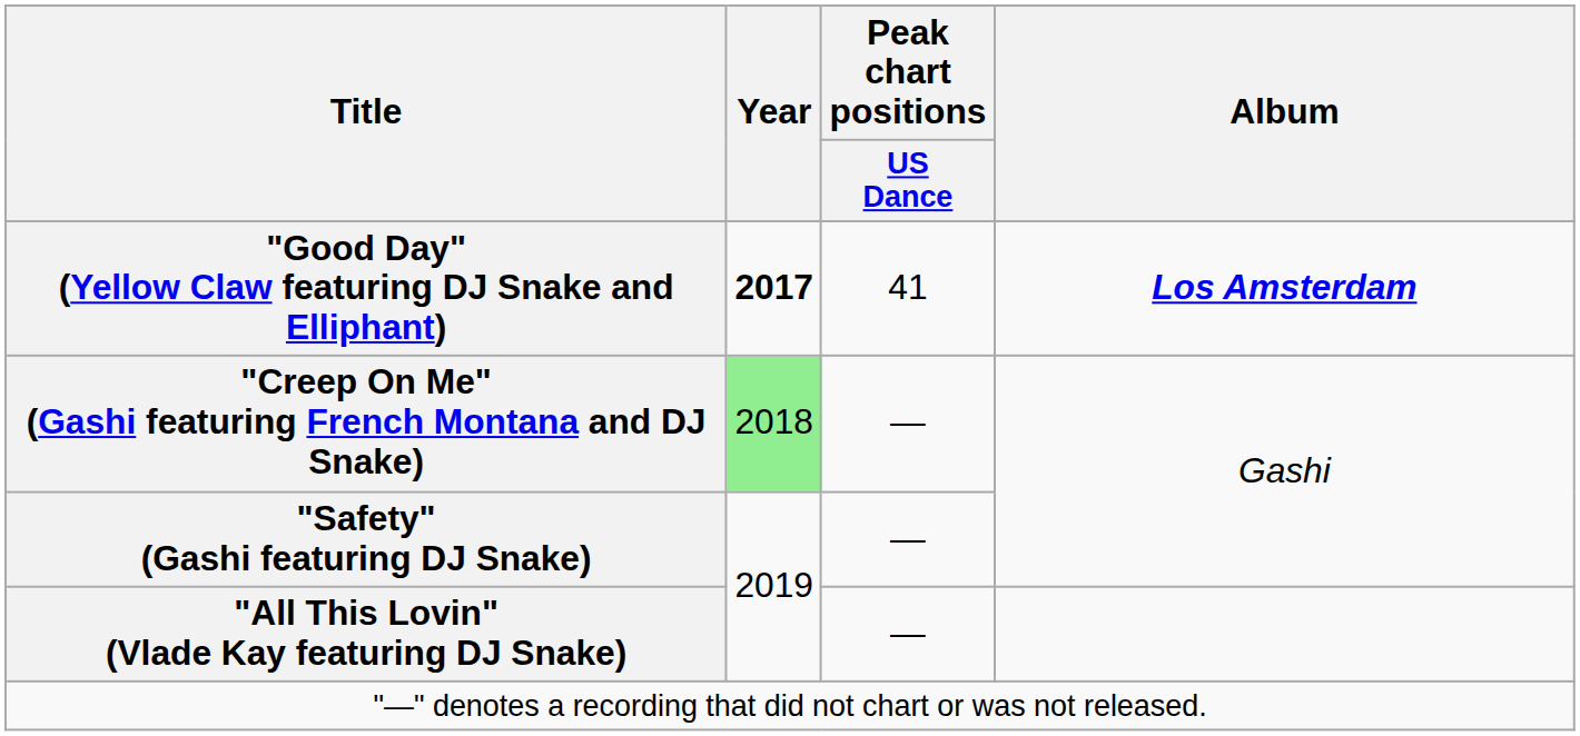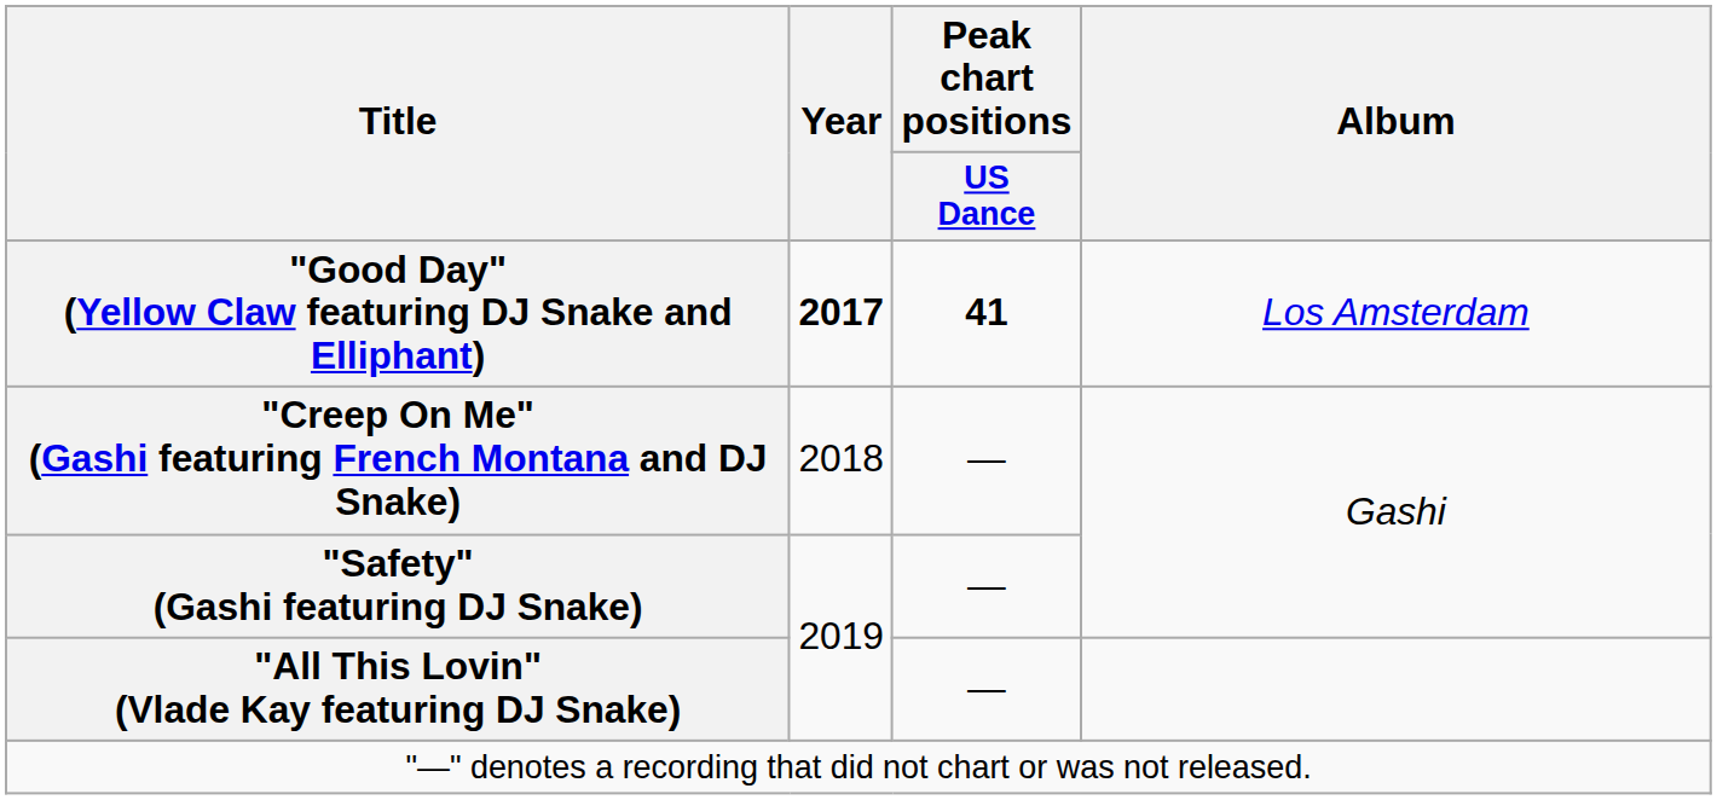 <table class="wikitable plainrowheaders" style="text-align:center;">
 <tr>
 <th scope="col" rowspan="2" style="width:20em;">Title</th>
 <th scope="col" rowspan="2" style="width:1em;">Year</th>
 <th scope="col" colspan="1">Peak chart positions</th>
 <th scope="col" rowspan="2" style="width:16em;">Album</th>
 </tr>
 <tr>
 <th scope="col" style="width:3em;font-size:85%;"><a href='#'>US<br>Dance</a><br></th>
 </tr>
 <tr>
 <th scope="row">"Good Day"<br><span>(<a href='#'>Yellow Claw</a> featuring DJ Snake and <a href='#'>Elliphant</a>)</span></th>
 <td><strong>2017</strong></td>
-<td>41</td>
-<td><strong><em><a href='#'>Los Amsterdam</a></em></strong></td>
+<td><strong>41</strong></td>
+<td><em><a href='#'>Los Amsterdam</a></em></td>
 </tr>
 <tr>
 <th scope="row">"Creep On Me" <br><span>(<a href='#'>Gashi</a> featuring <a href='#'>French Montana</a> and DJ Snake)</span></th>
-<td style="background: lightgreen;">2018</td>
+<td>2018</td>
 <td>—</td>
 <td rowspan="2"><em>Gashi</em></td>
 </tr>
 <tr>
 <th scope="row">"Safety" <br><span>(Gashi featuring DJ Snake)</span></th>
 <td rowspan="2">2019</td>
 <td>—</td>
 </tr>
 <tr>
 <th scope="row">"All This Lovin" <br><span>(Vlade Kay featuring DJ Snake)</span></th>
 <td>—</td>
 <td></td>
 </tr>
 <tr>
 <td colspan="4" style="font-size:85%">"—" denotes a recording that did not chart or was not released.</td>
 </tr>
 </table>
